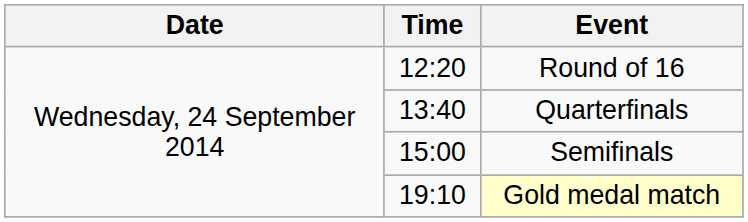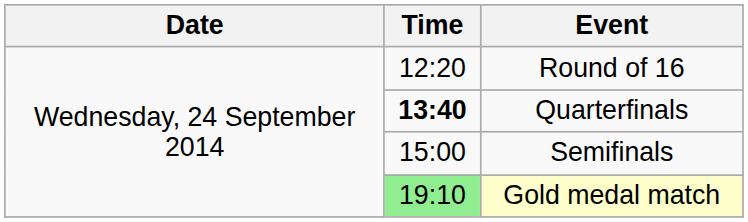 <table class = "wikitable" style="text-align:center;">
 <tr>
 <th width=220>Date</th>
 <th width=50>Time</th>
 <th width=150>Event</th>
 </tr>
 <tr>
 <td rowspan=4>Wednesday, 24 September 2014</td>
 <td>12:20</td>
 <td>Round of 16</td>
 </tr>
 <tr>
-<td>13:40</td>
+<td><strong>13:40</strong></td>
 <td>Quarterfinals</td>
 </tr>
 <tr>
 <td>15:00</td>
 <td>Semifinals</td>
 </tr>
 <tr>
-<td>19:10</td>
+<td style="background: lightgreen;">19:10</td>
 <td bgcolor=ffffcc>Gold medal match</td>
 </tr>
 </table>
